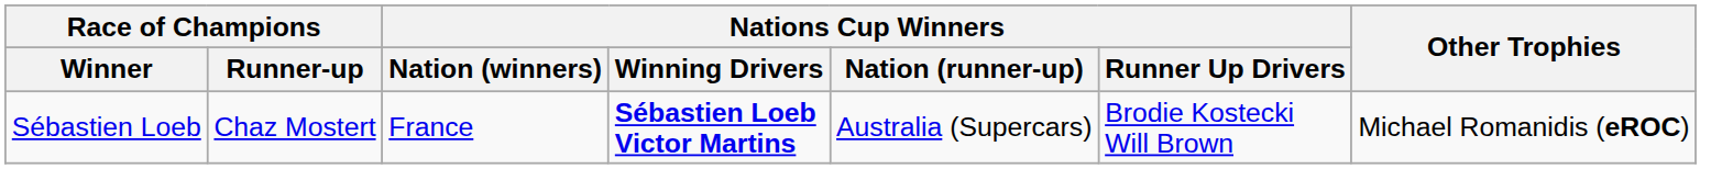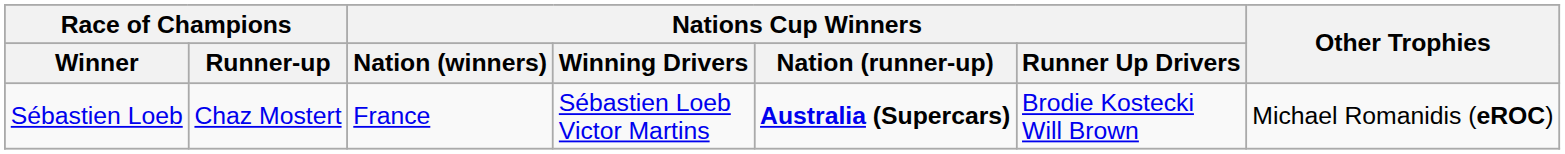 <table class="wikitable" style=font-size:85%;>
 <tr>
 <th colspan="2">Race of Champions</th>
 <th colspan="4">Nations Cup Winners</th>
 <th rowspan="2">Other Trophies</th>
 </tr>
 <tr>
 <th>Winner</th>
 <th>Runner-up</th>
 <th>Nation (winners)</th>
 <th>Winning Drivers</th>
 <th>Nation (runner-up)</th>
 <th>Runner Up Drivers</th>
 </tr>
 <tr>
 <td> <a href='#'>Sébastien Loeb</a></td>
 <td> <a href='#'>Chaz Mostert</a></td>
 <td> <a href='#'>France</a></td>
-<td><strong> <a href='#'>Sébastien Loeb</a><br> <a href='#'>Victor Martins</a></strong></td>
-<td> <a href='#'>Australia</a> (Supercars)</td>
+<td> <a href='#'>Sébastien Loeb</a><br> <a href='#'>Victor Martins</a></td>
+<td><strong> <a href='#'>Australia</a> (Supercars)</strong></td>
 <td> <a href='#'>Brodie Kostecki</a><br> <a href='#'>Will Brown</a></td>
 <td> Michael Romanidis (<strong>eROC</strong>)</td>
 </tr>
 </table>
